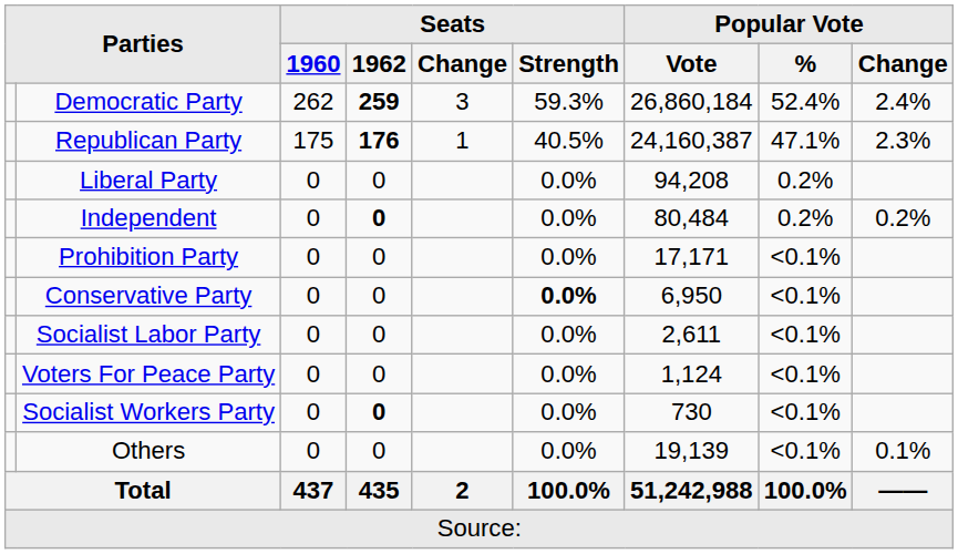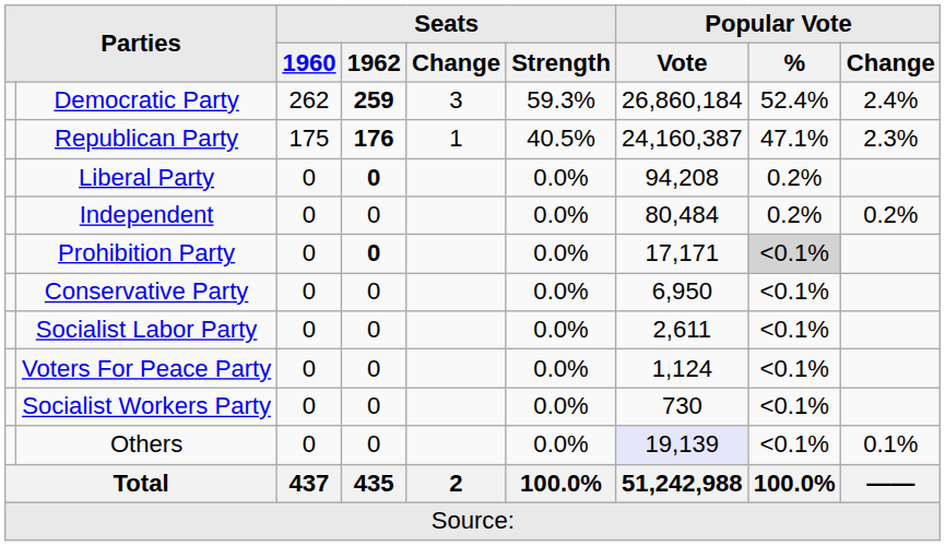 <table class=wikitable style="text-align:center">
 <tr>
 <th style="background-color:#E9E9E9" colspan=2 rowspan=2>Parties</th>
 <th style="background-color:#E9E9E9" colspan=4>Seats</th>
 <th style="background-color:#E9E9E9" colspan=3>Popular Vote</th>
 </tr>
 <tr>
 <th><a href='#'>1960</a></th>
 <th><strong>1962</strong></th>
 <th>Change</th>
 <th>Strength</th>
 <th>Vote</th>
 <th>%</th>
 <th>Change</th>
 </tr>
 <tr>
 <td></td>
 <td><a href='#'>Democratic Party</a></td>
 <td>262</td>
 <td><strong>259</strong></td>
 <td> 3</td>
 <td>59.3%</td>
 <td>26,860,184</td>
 <td>52.4%</td>
 <td> 2.4%</td>
 </tr>
 <tr>
 <td></td>
 <td><a href='#'>Republican Party</a></td>
 <td>175</td>
 <td><strong>176</strong></td>
 <td> 1</td>
 <td>40.5%</td>
 <td>24,160,387</td>
 <td>47.1%</td>
 <td> 2.3%</td>
 </tr>
 <tr>
 <td></td>
 <td><a href='#'>Liberal Party</a></td>
 <td>0</td>
-<td>0</td>
+<td><strong>0</strong></td>
 <td></td>
 <td>0.0%</td>
 <td>94,208</td>
 <td>0.2%</td>
 <td></td>
 </tr>
 <tr>
 <td></td>
 <td><a href='#'>Independent</a></td>
 <td>0</td>
-<td><strong>0</strong></td>
+<td>0</td>
 <td></td>
 <td>0.0%</td>
 <td>80,484</td>
 <td>0.2%</td>
 <td> 0.2%</td>
 </tr>
 <tr>
 <td></td>
 <td><a href='#'>Prohibition Party</a></td>
 <td>0</td>
-<td>0</td>
+<td><strong>0</strong></td>
 <td></td>
 <td>0.0%</td>
 <td>17,171</td>
-<td><0.1%</td>
+<td style="background: lightgrey;"><0.1%</td>
 <td></td>
 </tr>
 <tr>
 <td></td>
 <td><a href='#'>Conservative Party</a></td>
 <td>0</td>
 <td>0</td>
 <td></td>
-<td><strong>0.0%</strong></td>
+<td>0.0%</td>
 <td>6,950</td>
 <td><0.1%</td>
 <td></td>
 </tr>
 <tr>
 <td></td>
 <td><a href='#'>Socialist Labor Party</a></td>
 <td>0</td>
 <td>0</td>
 <td></td>
 <td>0.0%</td>
 <td>2,611</td>
 <td><0.1%</td>
 <td></td>
 </tr>
 <tr>
 <td></td>
 <td><a href='#'>Voters For Peace Party</a></td>
 <td>0</td>
 <td>0</td>
 <td></td>
 <td>0.0%</td>
 <td>1,124</td>
 <td><0.1%</td>
 <td></td>
 </tr>
 <tr>
 <td></td>
 <td><a href='#'>Socialist Workers Party</a></td>
 <td>0</td>
-<td><strong>0</strong></td>
+<td>0</td>
 <td></td>
 <td>0.0%</td>
 <td>730</td>
 <td><0.1%</td>
 <td></td>
 </tr>
 <tr>
 <td></td>
 <td>Others</td>
 <td>0</td>
 <td>0</td>
 <td></td>
 <td>0.0%</td>
-<td>19,139</td>
+<td style="background: lavender;">19,139</td>
 <td><0.1%</td>
 <td> 0.1%</td>
 </tr>
 <tr>
 <th colspan=2 width=100>Total</th>
 <th>437</th>
 <th>435</th>
 <th> 2</th>
 <th>100.0%</th>
 <th>51,242,988</th>
 <th>100.0%</th>
 <th>——</th>
 </tr>
 <tr bgcolor=E9E9E9>
 <td colspan=9>Source: </td>
 </tr>
 </table>
